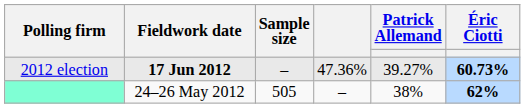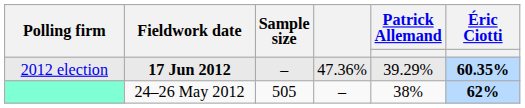 <table class="wikitable sortable" style="text-align:center;font-size:90%;line-height:14px;">
 <tr style="height:40px;">
 <th style="width:100px;" rowspan="2">Polling firm</th>
 <th style="width:110px;" rowspan="2">Fieldwork date</th>
 <th style="width:35px;" rowspan="2">Sample<br>size</th>
 <th style="width:30px;" rowspan="2"></th>
 <th class="unsortable" style="width:60px;"><a href='#'>Patrick Allemand</a><br></th>
 <th class="unsortable" style="width:60px;"><a href='#'>Éric Ciotti</a><br></th>
 </tr>
 <tr>
 <th style="background:"></th>
 <th style="background:"></th>
 </tr>
 <tr style="background:#E9E9E9;">
 <td><a href='#'>2012 election</a></td>
 <td data-sort-value="2012-06-17"><strong>17 Jun 2012</strong></td>
 <td>–</td>
 <td>47.36%</td>
-<td>39.27%</td>
-<td style="background:#B9DAFF;"><strong>60.73%</strong></td>
+<td>39.29%</td>
+<td style="background:#B9DAFF;"><strong>60.35%</strong></td>
 </tr>
 <tr>
 <td style="background:aquamarine;"></td>
 <td data-sort-value="2012-05-26">24–26 May 2012</td>
 <td>505</td>
 <td>–</td>
 <td>38%</td>
 <td style="background:#B9DAFF;"><strong>62%</strong></td>
 </tr>
 </table>
